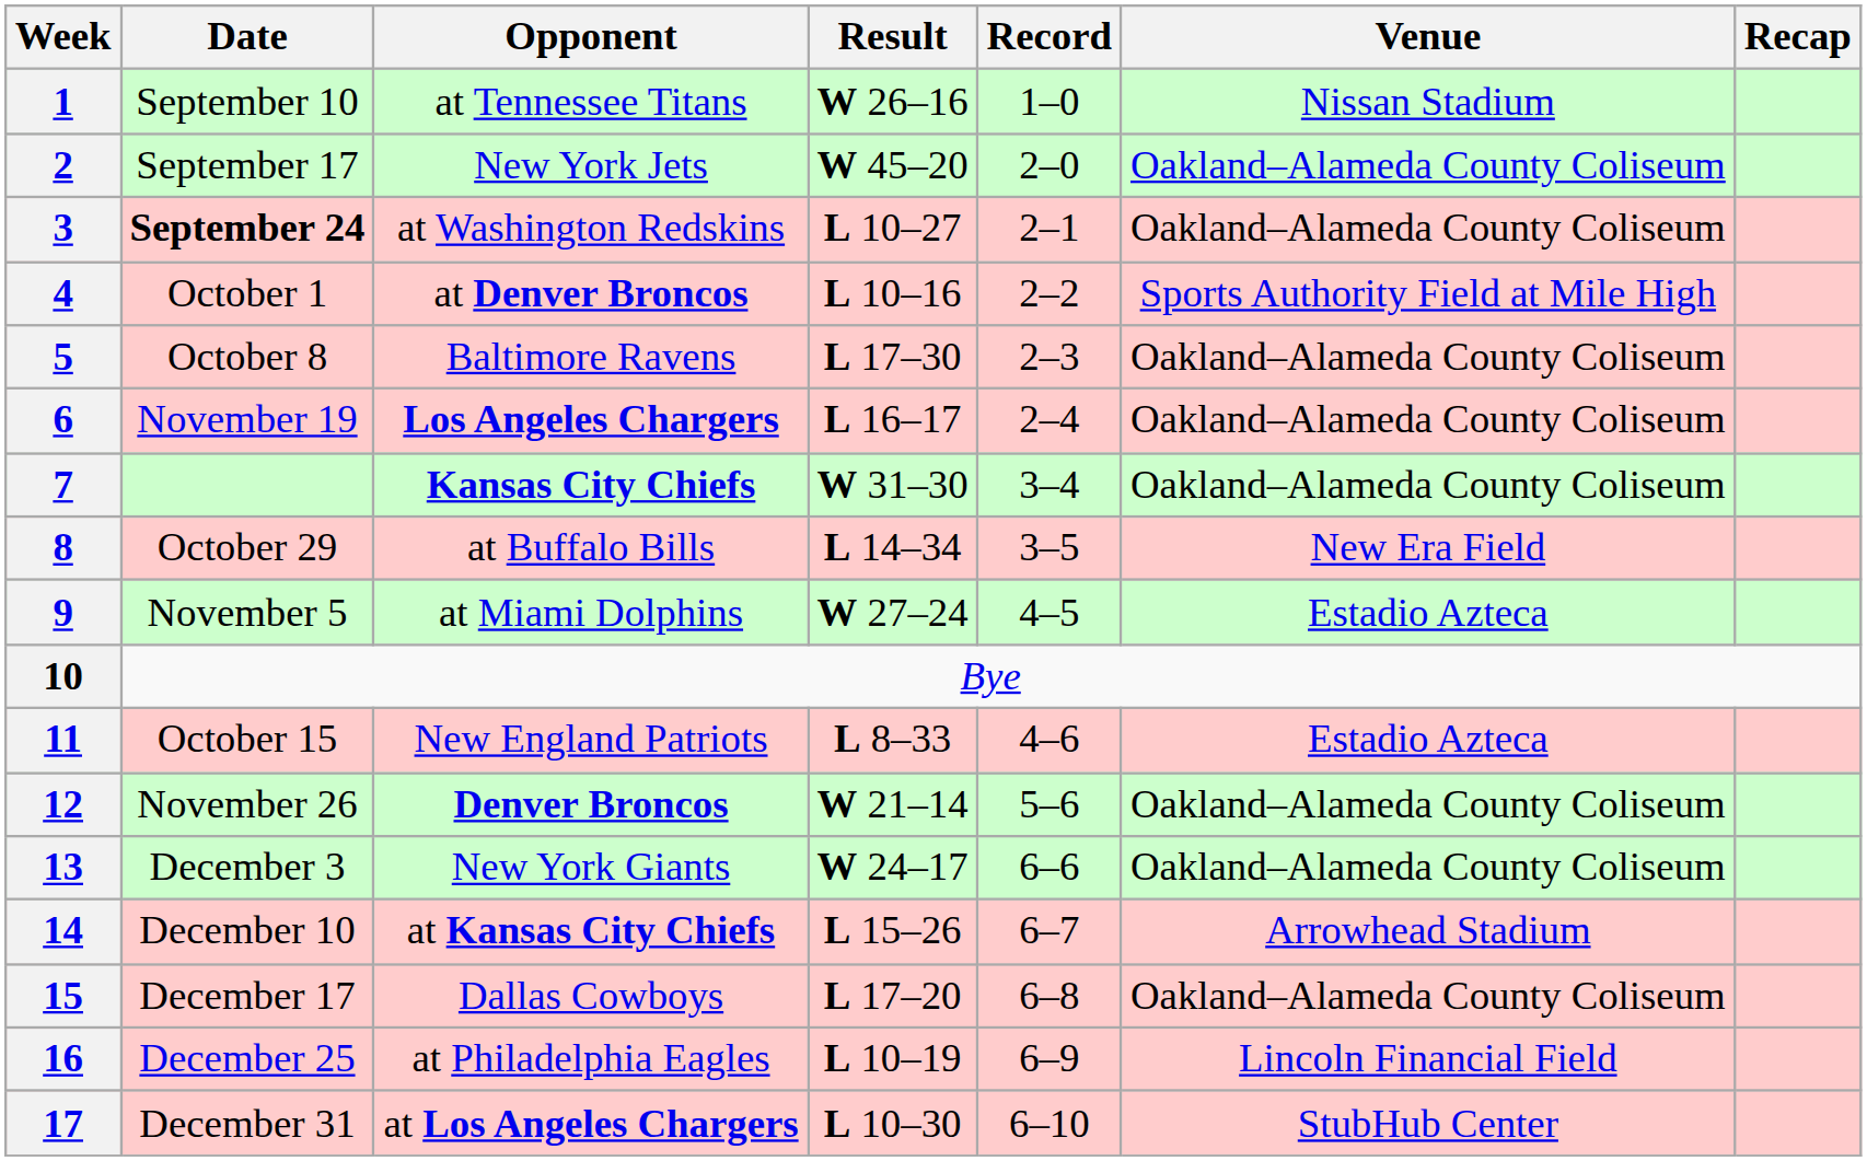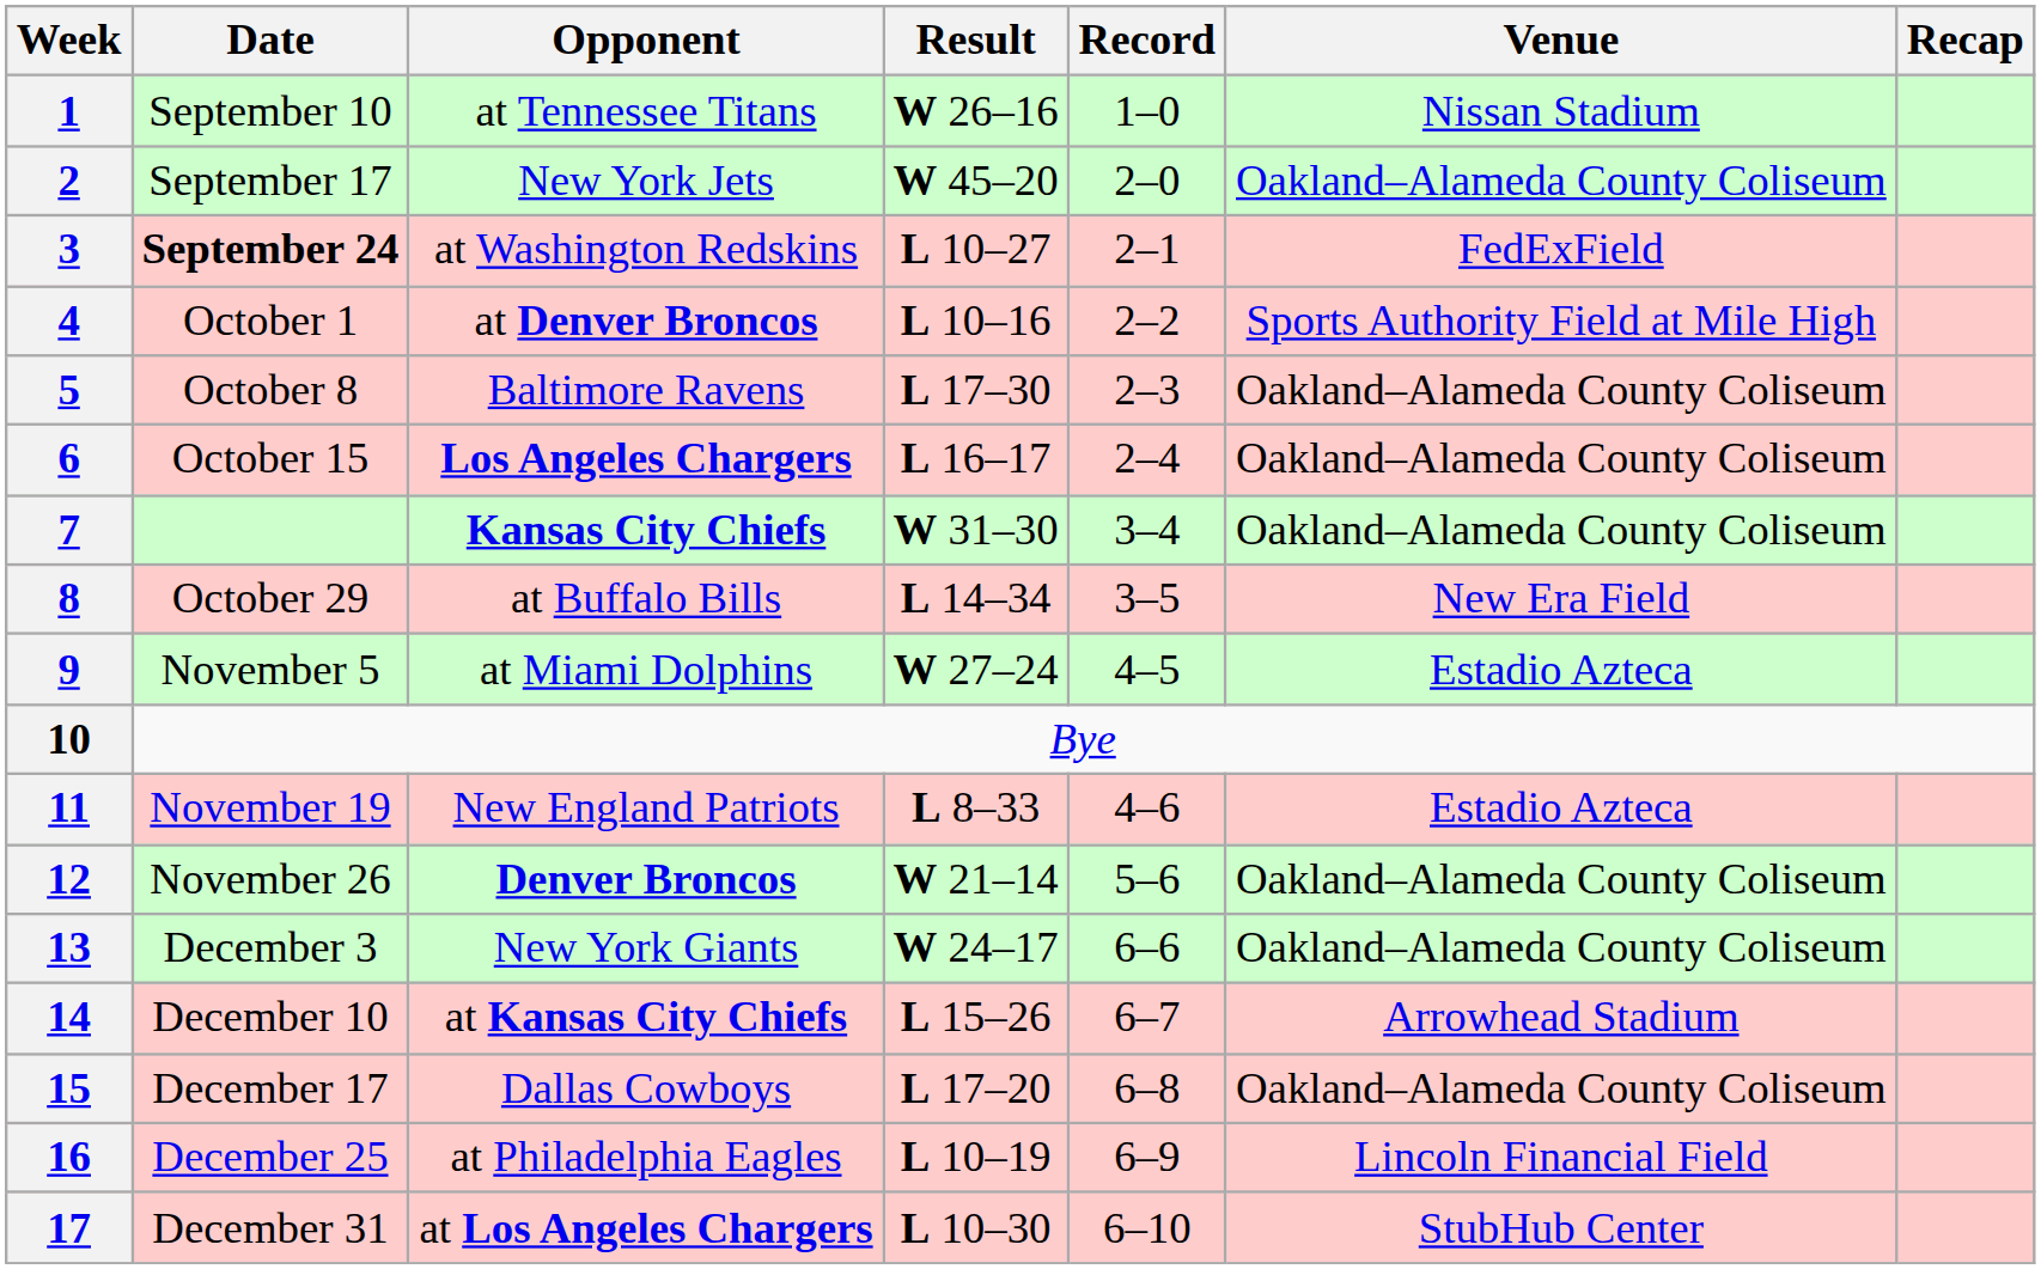 <table class="wikitable" style="text-align:center">
 <tr>
 <th>Week</th>
 <th>Date</th>
 <th>Opponent</th>
 <th>Result</th>
 <th>Record</th>
 <th>Venue</th>
 <th>Recap</th>
 </tr>
 <tr style="background:#cfc">
 <th><a href='#'>1</a></th>
 <td>September 10</td>
 <td>at <a href='#'>Tennessee Titans</a></td>
 <td><strong>W</strong> 26–16</td>
 <td>1–0</td>
 <td><a href='#'>Nissan Stadium</a></td>
 <td></td>
 </tr>
 <tr style="background:#cfc">
 <th><a href='#'>2</a></th>
 <td>September 17</td>
 <td><a href='#'>New York Jets</a></td>
 <td><strong>W</strong> 45–20</td>
 <td>2–0</td>
 <td><a href='#'>Oakland–Alameda County Coliseum</a></td>
 <td></td>
 </tr>
 <tr style="background:#fcc">
 <th><a href='#'>3</a></th>
 <td><strong>September 24</strong></td>
 <td>at <a href='#'>Washington Redskins</a></td>
 <td><strong>L</strong> 10–27</td>
 <td>2–1</td>
-<td>Oakland–Alameda County Coliseum</td>
+<td><a href='#'>FedExField</a></td>
 <td></td>
 </tr>
 <tr style="background:#fcc">
 <th><a href='#'>4</a></th>
 <td>October 1</td>
 <td>at <strong><a href='#'>Denver Broncos</a></strong></td>
 <td><strong>L</strong> 10–16</td>
 <td>2–2</td>
 <td><a href='#'>Sports Authority Field at Mile High</a></td>
 <td></td>
 </tr>
 <tr style="background:#fcc">
 <th><a href='#'>5</a></th>
 <td>October 8</td>
 <td><a href='#'>Baltimore Ravens</a></td>
 <td><strong>L</strong> 17–30</td>
 <td>2–3</td>
 <td>Oakland–Alameda County Coliseum</td>
 <td></td>
 </tr>
 <tr style="background:#fcc">
 <th><a href='#'>6</a></th>
-<td><a href='#'>November 19</a></td>
+<td>October 15</td>
 <td><strong><a href='#'>Los Angeles Chargers</a></strong></td>
 <td><strong>L</strong> 16–17</td>
 <td>2–4</td>
 <td>Oakland–Alameda County Coliseum</td>
 <td></td>
 </tr>
 <tr style="background:#cfc">
 <th><a href='#'>7</a></th>
 <td></td>
 <td><strong><a href='#'>Kansas City Chiefs</a></strong></td>
 <td><strong>W</strong> 31–30</td>
 <td>3–4</td>
 <td>Oakland–Alameda County Coliseum</td>
 <td></td>
 </tr>
 <tr style="background:#fcc">
 <th><a href='#'>8</a></th>
 <td>October 29</td>
 <td>at <a href='#'>Buffalo Bills</a></td>
 <td><strong>L</strong> 14–34</td>
 <td>3–5</td>
 <td><a href='#'>New Era Field</a></td>
 <td></td>
 </tr>
 <tr style="background:#cfc">
 <th><a href='#'>9</a></th>
 <td>November 5</td>
 <td>at <a href='#'>Miami Dolphins</a></td>
 <td><strong>W</strong> 27–24</td>
 <td>4–5</td>
 <td> <a href='#'>Estadio Azteca</a> </td>
 <td></td>
 </tr>
 <tr>
 <th>10</th>
 <td colspan="6"><em><a href='#'>Bye</a></em></td>
 </tr>
 <tr style="background:#fcc">
 <th><a href='#'>11</a></th>
-<td>October 15</td>
+<td><a href='#'>November 19</a></td>
 <td><a href='#'>New England Patriots</a></td>
 <td><strong>L</strong> 8–33</td>
 <td>4–6</td>
 <td> <a href='#'>Estadio Azteca</a> </td>
 <td></td>
 </tr>
 <tr style="background:#cfc">
 <th><a href='#'>12</a></th>
 <td>November 26</td>
 <td><strong><a href='#'>Denver Broncos</a></strong></td>
 <td><strong>W</strong> 21–14</td>
 <td>5–6</td>
 <td>Oakland–Alameda County Coliseum</td>
 <td></td>
 </tr>
 <tr style="background:#cfc">
 <th><a href='#'>13</a></th>
 <td>December 3</td>
 <td><a href='#'>New York Giants</a></td>
 <td><strong>W</strong> 24–17</td>
 <td>6–6</td>
 <td>Oakland–Alameda County Coliseum</td>
 <td></td>
 </tr>
 <tr style="background:#fcc">
 <th><a href='#'>14</a></th>
 <td>December 10</td>
 <td>at <strong><a href='#'>Kansas City Chiefs</a></strong></td>
 <td><strong>L</strong> 15–26</td>
 <td>6–7</td>
 <td><a href='#'>Arrowhead Stadium</a></td>
 <td></td>
 </tr>
 <tr style="background:#fcc">
 <th><a href='#'>15</a></th>
 <td>December 17</td>
 <td><a href='#'>Dallas Cowboys</a></td>
 <td><strong>L</strong> 17–20</td>
 <td>6–8</td>
 <td>Oakland–Alameda County Coliseum</td>
 <td></td>
 </tr>
 <tr style="background:#fcc">
 <th><a href='#'>16</a></th>
 <td><a href='#'>December 25</a></td>
 <td>at <a href='#'>Philadelphia Eagles</a></td>
 <td><strong>L</strong> 10–19</td>
 <td>6–9</td>
 <td><a href='#'>Lincoln Financial Field</a></td>
 <td></td>
 </tr>
 <tr style="background:#fcc">
 <th><a href='#'>17</a></th>
 <td>December 31</td>
 <td>at <strong><a href='#'>Los Angeles Chargers</a></strong></td>
 <td><strong>L</strong> 10–30</td>
 <td>6–10</td>
 <td><a href='#'>StubHub Center</a></td>
 <td></td>
 </tr>
 </table>
